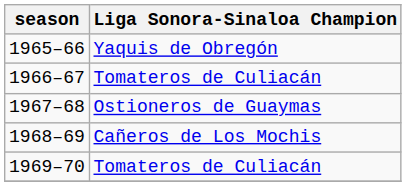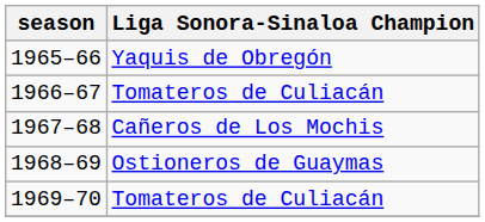 <table class="wikitable">
 <tr>
 <th>season</th>
 <th>Liga Sonora-Sinaloa Champion</th>
 </tr>
 <tr>
 <td>1965–66</td>
 <td><a href='#'>Yaquis de Obregón</a></td>
 </tr>
 <tr>
 <td>1966–67</td>
 <td><a href='#'>Tomateros de Culiacán</a></td>
 </tr>
 <tr>
 <td>1967–68</td>
-<td><a href='#'>Ostioneros de Guaymas</a></td>
+<td><a href='#'>Cañeros de Los Mochis</a></td>
 </tr>
 <tr>
 <td>1968–69</td>
-<td><a href='#'>Cañeros de Los Mochis</a></td>
+<td><a href='#'>Ostioneros de Guaymas</a></td>
 </tr>
 <tr>
 <td>1969–70</td>
 <td><a href='#'>Tomateros de Culiacán</a></td>
 </tr>
 <tr>
 </tr>
 </table>
